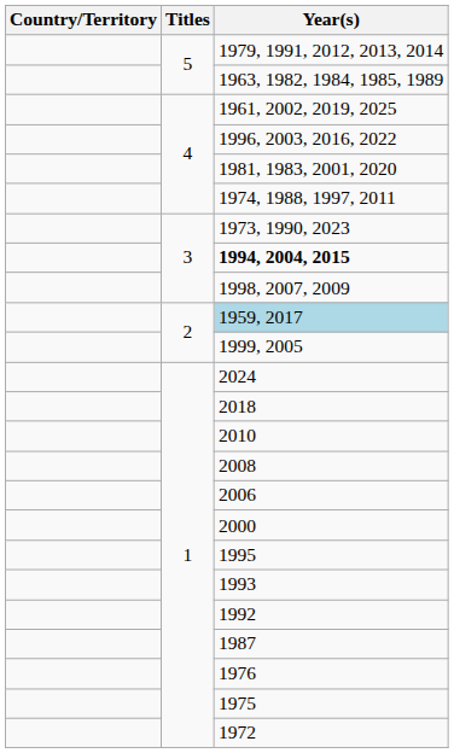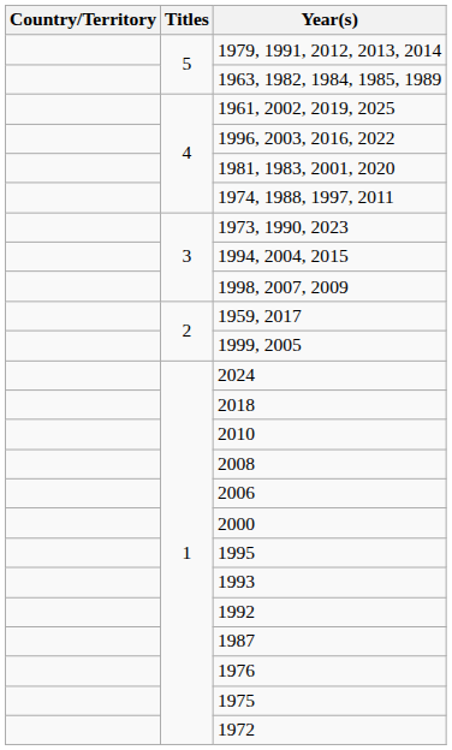 <table class="wikitable">
 <tr>
 <th>Country/Territory</th>
 <th>Titles</th>
 <th>Year(s)</th>
 </tr>
 <tr>
 <td></td>
 <td rowspan="2" style="text-align:center;">5</td>
 <td>1979, 1991, 2012, 2013, 2014</td>
 </tr>
 <tr>
 <td></td>
 <td>1963, 1982, 1984, 1985, 1989</td>
 </tr>
 <tr>
 <td></td>
 <td rowspan="4" style="text-align:center;">4</td>
 <td>1961, 2002, 2019, 2025</td>
 </tr>
 <tr>
 <td></td>
 <td>1996, 2003, 2016, 2022</td>
 </tr>
 <tr>
 <td></td>
 <td>1981, 1983, 2001, 2020</td>
 </tr>
 <tr>
 <td></td>
 <td>1974, 1988, 1997, 2011</td>
 </tr>
 <tr>
 <td></td>
 <td rowspan="3" style="text-align:center;">3</td>
 <td>1973, 1990, 2023</td>
 </tr>
 <tr>
 <td></td>
-<td><strong>1994, 2004, 2015</strong></td>
+<td>1994, 2004, 2015</td>
 </tr>
 <tr>
 <td></td>
 <td>1998, 2007, 2009</td>
 </tr>
 <tr>
 <td></td>
 <td rowspan="2" style="text-align:center;">2</td>
-<td style="background: lightblue;">1959, 2017</td>
+<td>1959, 2017</td>
 </tr>
 <tr>
 <td></td>
 <td>1999, 2005</td>
 </tr>
 <tr>
 <td></td>
 <td rowspan="13" style="text-align:center;">1</td>
 <td>2024</td>
 </tr>
 <tr>
 <td></td>
 <td>2018</td>
 </tr>
 <tr>
 <td></td>
 <td>2010</td>
 </tr>
 <tr>
 <td></td>
 <td>2008</td>
 </tr>
 <tr>
 <td></td>
 <td>2006</td>
 </tr>
 <tr>
 <td></td>
 <td>2000</td>
 </tr>
 <tr>
 <td></td>
 <td>1995</td>
 </tr>
 <tr>
 <td></td>
 <td>1993</td>
 </tr>
 <tr>
 <td></td>
 <td>1992</td>
 </tr>
 <tr>
 <td></td>
 <td>1987</td>
 </tr>
 <tr>
 <td></td>
 <td>1976</td>
 </tr>
 <tr>
 <td></td>
 <td>1975</td>
 </tr>
 <tr>
 <td></td>
 <td>1972</td>
 </tr>
 </table>
